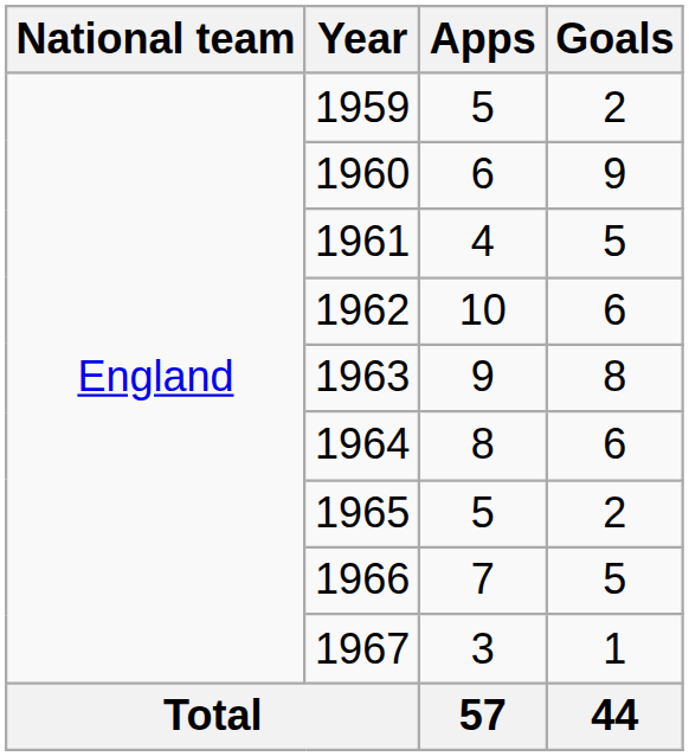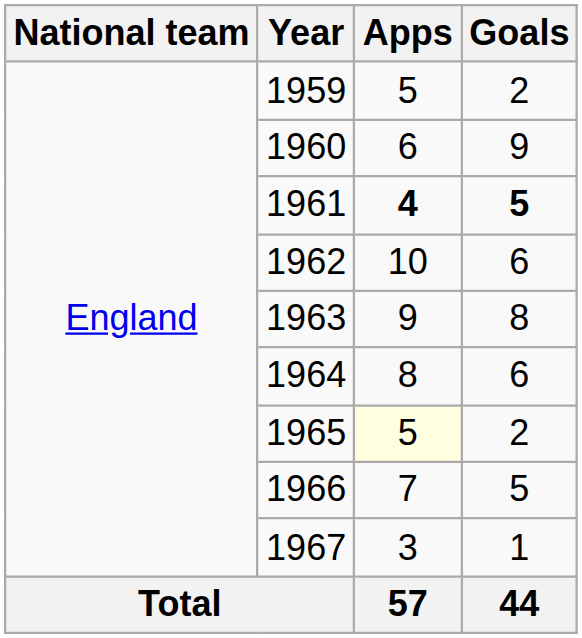 <table class="wikitable" style="text-align:center">
 <tr>
 <th>National team</th>
 <th>Year</th>
 <th>Apps</th>
 <th>Goals</th>
 </tr>
 <tr>
 <td rowspan="9"><a href='#'>England</a></td>
 <td>1959</td>
 <td>5</td>
 <td>2</td>
 </tr>
 <tr>
 <td>1960</td>
 <td>6</td>
 <td>9</td>
 </tr>
 <tr>
 <td>1961</td>
-<td>4</td>
-<td>5</td>
+<td><strong>4</strong></td>
+<td><strong>5</strong></td>
 </tr>
 <tr>
 <td>1962</td>
 <td>10</td>
 <td>6</td>
 </tr>
 <tr>
 <td>1963</td>
 <td>9</td>
 <td>8</td>
 </tr>
 <tr>
 <td>1964</td>
 <td>8</td>
 <td>6</td>
 </tr>
 <tr>
 <td>1965</td>
-<td>5</td>
+<td style="background: lightyellow;">5</td>
 <td>2</td>
 </tr>
 <tr>
 <td>1966</td>
 <td>7</td>
 <td>5</td>
 </tr>
 <tr>
 <td>1967</td>
 <td>3</td>
 <td>1</td>
 </tr>
 <tr>
 <th colspan="2">Total</th>
 <th>57</th>
 <th>44</th>
 </tr>
 </table>
